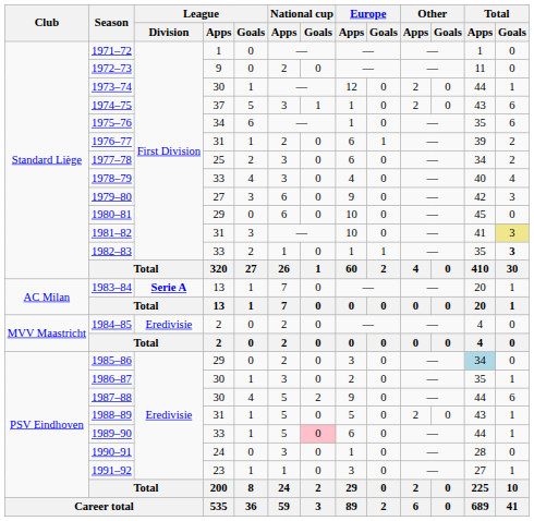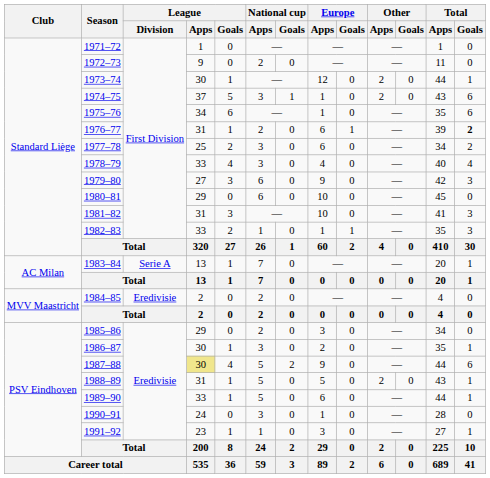 <table class="wikitable" style="text-align:center">
 <tr>
 <th rowspan="2">Club</th>
 <th rowspan="2">Season</th>
 <th colspan="3">League</th>
 <th colspan="2">National cup</th>
 <th colspan="2"><a href='#'>Europe</a></th>
 <th colspan="2">Other</th>
 <th colspan="2">Total</th>
 </tr>
 <tr>
 <th>Division</th>
 <th>Apps</th>
 <th>Goals</th>
 <th>Apps</th>
 <th>Goals</th>
 <th>Apps</th>
 <th>Goals</th>
 <th>Apps</th>
 <th>Goals</th>
 <th>Apps</th>
 <th>Goals</th>
 </tr>
 <tr>
 <td rowspan="13"><a href='#'>Standard Liège</a></td>
 <td><a href='#'>1971–72</a></td>
 <td rowspan="12"><a href='#'>First Division</a></td>
 <td>1</td>
 <td>0</td>
 <td colspan="2">—</td>
 <td colspan="2">—</td>
 <td colspan="2">—</td>
 <td>1</td>
 <td>0</td>
 </tr>
 <tr>
 <td><a href='#'>1972–73</a></td>
 <td>9</td>
 <td>0</td>
 <td>2</td>
 <td>0</td>
 <td colspan="2">—</td>
 <td colspan="2">—</td>
 <td>11</td>
 <td>0</td>
 </tr>
 <tr>
 <td><a href='#'>1973–74</a></td>
 <td>30</td>
 <td>1</td>
 <td colspan="2">—</td>
 <td>12</td>
 <td>0</td>
 <td>2</td>
 <td>0</td>
 <td>44</td>
 <td>1</td>
 </tr>
 <tr>
 <td><a href='#'>1974–75</a></td>
 <td>37</td>
 <td>5</td>
 <td>3</td>
 <td>1</td>
 <td>1</td>
 <td>0</td>
 <td>2</td>
 <td>0</td>
 <td>43</td>
 <td>6</td>
 </tr>
 <tr>
 <td><a href='#'>1975–76</a></td>
 <td>34</td>
 <td>6</td>
 <td colspan="2">—</td>
 <td>1</td>
 <td>0</td>
 <td colspan="2">—</td>
 <td>35</td>
 <td>6</td>
 </tr>
 <tr>
 <td><a href='#'>1976–77</a></td>
 <td>31</td>
 <td>1</td>
 <td>2</td>
 <td>0</td>
 <td>6</td>
 <td>1</td>
 <td colspan="2">—</td>
 <td>39</td>
-<td>2</td>
+<td><strong>2</strong></td>
 </tr>
 <tr>
 <td><a href='#'>1977–78</a></td>
 <td>25</td>
 <td>2</td>
 <td>3</td>
 <td>0</td>
 <td>6</td>
 <td>0</td>
 <td colspan="2">—</td>
 <td>34</td>
 <td>2</td>
 </tr>
 <tr>
 <td><a href='#'>1978–79</a></td>
 <td>33</td>
 <td>4</td>
 <td>3</td>
 <td>0</td>
 <td>4</td>
 <td>0</td>
 <td colspan="2">—</td>
 <td>40</td>
 <td>4</td>
 </tr>
 <tr>
 <td><a href='#'>1979–80</a></td>
 <td>27</td>
 <td>3</td>
 <td>6</td>
 <td>0</td>
 <td>9</td>
 <td>0</td>
 <td colspan="2">—</td>
 <td>42</td>
 <td>3</td>
 </tr>
 <tr>
 <td><a href='#'>1980–81</a></td>
 <td>29</td>
 <td>0</td>
 <td>6</td>
 <td>0</td>
 <td>10</td>
 <td>0</td>
 <td colspan="2">—</td>
 <td>45</td>
 <td>0</td>
 </tr>
 <tr>
 <td><a href='#'>1981–82</a></td>
 <td>31</td>
 <td>3</td>
 <td colspan="2">—</td>
 <td>10</td>
 <td>0</td>
 <td colspan="2">—</td>
 <td>41</td>
-<td style="background: khaki;">3</td>
+<td>3</td>
 </tr>
 <tr>
 <td><a href='#'>1982–83</a></td>
 <td>33</td>
 <td>2</td>
 <td>1</td>
 <td>0</td>
 <td>1</td>
 <td>1</td>
 <td colspan="2">—</td>
 <td>35</td>
-<td><strong>3</strong></td>
+<td>3</td>
 </tr>
 <tr>
 <th colspan="2">Total</th>
 <th>320</th>
 <th>27</th>
 <th>26</th>
 <th>1</th>
 <th>60</th>
 <th>2</th>
 <th>4</th>
 <th>0</th>
 <th>410</th>
 <th>30</th>
 </tr>
 <tr>
 <td rowspan="2"><a href='#'>AC Milan</a></td>
 <td><a href='#'>1983–84</a></td>
-<td><strong><a href='#'>Serie A</a></strong></td>
+<td><a href='#'>Serie A</a></td>
 <td>13</td>
 <td>1</td>
 <td>7</td>
 <td>0</td>
 <td colspan="2">—</td>
 <td colspan="2">—</td>
 <td>20</td>
 <td>1</td>
 </tr>
 <tr>
 <th colspan="2">Total</th>
 <th>13</th>
 <th>1</th>
 <th>7</th>
 <th>0</th>
 <th>0</th>
 <th>0</th>
 <th>0</th>
 <th>0</th>
 <th>20</th>
 <th>1</th>
 </tr>
 <tr>
 <td rowspan="2"><a href='#'>MVV Maastricht</a></td>
 <td><a href='#'>1984–85</a></td>
 <td><a href='#'>Eredivisie</a></td>
 <td>2</td>
 <td>0</td>
 <td>2</td>
 <td>0</td>
 <td colspan="2">—</td>
 <td colspan="2">—</td>
 <td>4</td>
 <td>0</td>
 </tr>
 <tr>
 <th colspan="2">Total</th>
 <th>2</th>
 <th>0</th>
 <th>2</th>
 <th>0</th>
 <th>0</th>
 <th>0</th>
 <th>0</th>
 <th>0</th>
 <th>4</th>
 <th>0</th>
 </tr>
 <tr>
 <td rowspan="8"><a href='#'>PSV Eindhoven</a></td>
 <td><a href='#'>1985–86</a></td>
 <td rowspan="7"><a href='#'>Eredivisie</a></td>
 <td>29</td>
 <td>0</td>
 <td>2</td>
 <td>0</td>
 <td>3</td>
 <td>0</td>
 <td colspan="2">—</td>
-<td style="background: lightblue;">34</td>
+<td>34</td>
 <td>0</td>
 </tr>
 <tr>
 <td><a href='#'>1986–87</a></td>
 <td>30</td>
 <td>1</td>
 <td>3</td>
 <td>0</td>
 <td>2</td>
 <td>0</td>
 <td colspan="2">—</td>
 <td>35</td>
 <td>1</td>
 </tr>
 <tr>
 <td><a href='#'>1987–88</a></td>
-<td>30</td>
+<td style="background: khaki;">30</td>
 <td>4</td>
 <td>5</td>
 <td>2</td>
 <td>9</td>
 <td>0</td>
 <td colspan="2">—</td>
 <td>44</td>
 <td>6</td>
 </tr>
 <tr>
 <td><a href='#'>1988–89</a></td>
 <td>31</td>
 <td>1</td>
 <td>5</td>
 <td>0</td>
 <td>5</td>
 <td>0</td>
 <td>2</td>
 <td>0</td>
 <td>43</td>
 <td>1</td>
 </tr>
 <tr>
 <td><a href='#'>1989–90</a></td>
 <td>33</td>
 <td>1</td>
 <td>5</td>
-<td style="background: pink;">0</td>
+<td>0</td>
 <td>6</td>
 <td>0</td>
 <td colspan="2">—</td>
 <td>44</td>
 <td>1</td>
 </tr>
 <tr>
 <td><a href='#'>1990–91</a></td>
 <td>24</td>
 <td>0</td>
 <td>3</td>
 <td>0</td>
 <td>1</td>
 <td>0</td>
 <td colspan="2">—</td>
 <td>28</td>
 <td>0</td>
 </tr>
 <tr>
 <td><a href='#'>1991–92</a></td>
 <td>23</td>
 <td>1</td>
 <td>1</td>
 <td>0</td>
 <td>3</td>
 <td>0</td>
 <td colspan="2">—</td>
 <td>27</td>
 <td>1</td>
 </tr>
 <tr>
 <th colspan="2">Total</th>
 <th>200</th>
 <th>8</th>
 <th>24</th>
 <th>2</th>
 <th>29</th>
 <th>0</th>
 <th>2</th>
 <th>0</th>
 <th>225</th>
 <th>10</th>
 </tr>
 <tr>
 <th colspan="3">Career total</th>
 <th>535</th>
 <th>36</th>
 <th>59</th>
 <th>3</th>
 <th>89</th>
 <th>2</th>
 <th>6</th>
 <th>0</th>
 <th>689</th>
 <th>41</th>
 </tr>
 </table>
